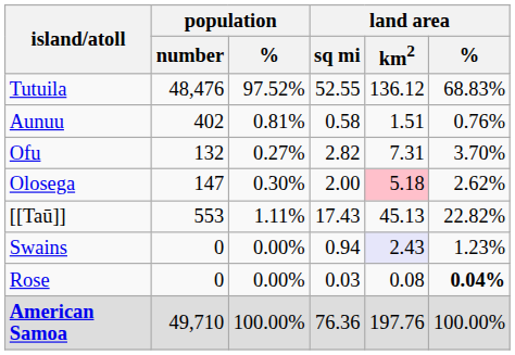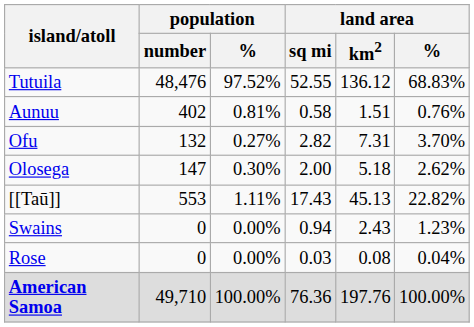 <table class="wikitable sortable" style="text-align:right;">
 <tr>
 <th rowspan=2 width=110em>island/atoll</th>
 <th colspan=2>population</th>
 <th colspan=3>land area</th>
 </tr>
 <tr>
 <th>number</th>
 <th width=40em>%</th>
 <th>sq mi</th>
 <th>km<sup>2</sup></th>
 <th width=40em>%</th>
 </tr>
 <tr>
 <td align=left><a href='#'>Tutuila</a></td>
 <td>48,476</td>
 <td>97.52%</td>
 <td>52.55</td>
 <td>136.12</td>
 <td>68.83%</td>
 </tr>
 <tr>
 <td align=left><a href='#'>Aunuu</a></td>
 <td>402</td>
 <td>0.81%</td>
 <td>0.58</td>
 <td>1.51</td>
 <td>0.76%</td>
 </tr>
 <tr>
 <td align=left><a href='#'>Ofu</a></td>
 <td>132</td>
 <td>0.27%</td>
 <td>2.82</td>
 <td>7.31</td>
 <td>3.70%</td>
 </tr>
 <tr>
 <td align=left><a href='#'>Olosega</a></td>
 <td>147</td>
 <td>0.30%</td>
 <td>2.00</td>
-<td style="background: pink;">5.18</td>
+<td>5.18</td>
 <td>2.62%</td>
 </tr>
 <tr>
 <td align=left>[[Taū]]</td>
 <td>553</td>
 <td>1.11%</td>
 <td>17.43</td>
 <td>45.13</td>
 <td>22.82%</td>
 </tr>
 <tr>
 <td align=left><a href='#'>Swains</a></td>
 <td>0</td>
 <td>0.00%</td>
 <td>0.94</td>
-<td style="background: lavender;">2.43</td>
+<td>2.43</td>
 <td>1.23%</td>
 </tr>
 <tr>
 <td align=left><a href='#'>Rose</a></td>
 <td>0</td>
 <td>0.00%</td>
 <td>0.03</td>
 <td>0.08</td>
-<td><strong>0.04%</strong></td>
+<td>0.04%</td>
 </tr>
 <tr style="background:#DDD">
 <td align=left><strong><a href='#'>American Samoa</a></strong></td>
 <td>49,710</td>
 <td>100.00%</td>
 <td>76.36</td>
 <td>197.76</td>
 <td>100.00%</td>
 </tr>
 </table>
